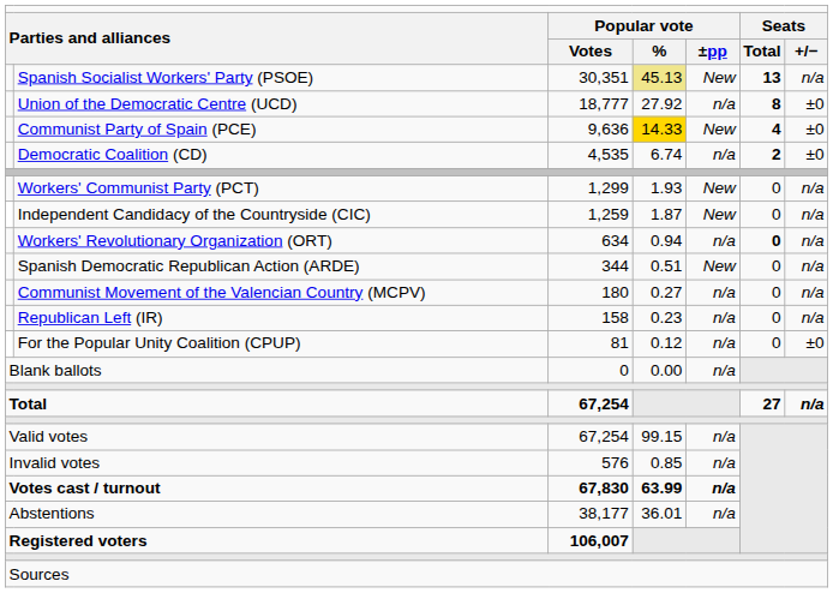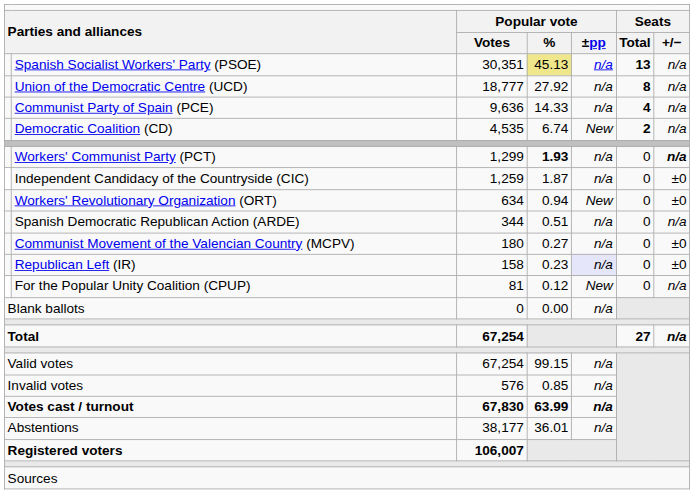 <table class="wikitable" style="text-align:right;">
 <tr>
 <td colspan="7"></td>
 </tr>
 <tr>
 <th style="text-align:left;" rowspan="2" colspan="2" width="525">Parties and alliances</th>
 <th colspan="3">Popular vote</th>
 <th colspan="2">Seats</th>
 </tr>
 <tr>
 <th width="75">Votes</th>
 <th width="45">%</th>
 <th width="45">±<a href='#'>pp</a></th>
 <th width="35">Total</th>
 <th width="35">+/−</th>
 </tr>
 <tr>
 <td width="1" style="color:inherit;background:"></td>
 <td align="left"><a href='#'>Spanish Socialist Workers' Party</a> (PSOE)</td>
 <td>30,351</td>
 <td style="background: khaki;">45.13</td>
-<td><em>New</em></td>
+<td><em><a href='#'>n/a</a></em></td>
 <td><strong>13</strong></td>
 <td><em>n/a</em></td>
 </tr>
 <tr>
 <td style="color:inherit;background:"></td>
 <td align="left"><a href='#'>Union of the Democratic Centre</a> (UCD)</td>
 <td>18,777</td>
 <td>27.92</td>
 <td><em>n/a</em></td>
 <td><strong>8</strong></td>
-<td>±0</td>
+<td><em>n/a</em></td>
 </tr>
 <tr>
 <td style="color:inherit;background:"></td>
 <td align="left"><a href='#'>Communist Party of Spain</a> (PCE)</td>
 <td>9,636</td>
-<td style="background: gold;">14.33</td>
-<td><em>New</em></td>
+<td>14.33</td>
+<td><em>n/a</em></td>
 <td><strong>4</strong></td>
-<td>±0</td>
+<td><em>n/a</em></td>
 </tr>
 <tr>
 <td style="color:inherit;background:"></td>
 <td align="left"><a href='#'>Democratic Coalition</a> (CD)</td>
 <td>4,535</td>
 <td>6.74</td>
+<td><em>New</em></td>
+<td><strong>2</strong></td>
 <td><em>n/a</em></td>
-<td><strong>2</strong></td>
-<td>±0</td>
 </tr>
 <tr>
 <td colspan="7" bgcolor="#C0C0C0"></td>
 </tr>
 <tr>
 <td style="color:inherit;background:"></td>
 <td align="left"><a href='#'>Workers' Communist Party</a> (PCT)</td>
 <td>1,299</td>
-<td>1.93</td>
-<td><em>New</em></td>
+<td><strong>1.93</strong></td>
+<td><em>n/a</em></td>
 <td>0</td>
-<td><em>n/a</em></td>
+<td><strong><em>n/a</em></strong></td>
 </tr>
 <tr>
 <td bgcolor="white"></td>
 <td align="left">Independent Candidacy of the Countryside (CIC)</td>
 <td>1,259</td>
 <td>1.87</td>
-<td><em>New</em></td>
+<td><em>n/a</em></td>
 <td>0</td>
-<td><em>n/a</em></td>
+<td>±0</td>
 </tr>
 <tr>
 <td style="color:inherit;background:"></td>
 <td align="left"><a href='#'>Workers' Revolutionary Organization</a> (ORT)</td>
 <td>634</td>
 <td>0.94</td>
-<td><em>n/a</em></td>
-<td><strong>0</strong></td>
-<td><em>n/a</em></td>
+<td><em>New</em></td>
+<td>0</td>
+<td>±0</td>
 </tr>
 <tr>
 <td style="color:inherit;background:"></td>
 <td align="left">Spanish Democratic Republican Action (ARDE)</td>
 <td>344</td>
 <td>0.51</td>
-<td><em>New</em></td>
+<td><em>n/a</em></td>
 <td>0</td>
 <td><em>n/a</em></td>
 </tr>
 <tr>
 <td style="color:inherit;background:"></td>
 <td align="left"><a href='#'>Communist Movement of the Valencian Country</a> (MCPV)</td>
 <td>180</td>
 <td>0.27</td>
 <td><em>n/a</em></td>
 <td>0</td>
-<td><em>n/a</em></td>
+<td>±0</td>
 </tr>
 <tr>
 <td style="color:inherit;background:"></td>
 <td align="left"><a href='#'>Republican Left</a> (IR)</td>
 <td>158</td>
 <td>0.23</td>
-<td><em>n/a</em></td>
+<td style="background: lavender;"><em>n/a</em></td>
 <td>0</td>
-<td><em>n/a</em></td>
+<td>±0</td>
 </tr>
 <tr>
 <td bgcolor="white"></td>
 <td align="left">For the Popular Unity Coalition (CPUP)</td>
 <td>81</td>
 <td>0.12</td>
+<td><em>New</em></td>
+<td>0</td>
 <td><em>n/a</em></td>
-<td>0</td>
-<td>±0</td>
 </tr>
 <tr>
 <td align="left" colspan="2">Blank ballots</td>
 <td>0</td>
 <td>0.00</td>
 <td><em>n/a</em></td>
 <td bgcolor="#E9E9E9" colspan="2"></td>
 </tr>
 <tr>
 <td colspan="7" bgcolor="#E9E9E9"></td>
 </tr>
 <tr style="font-weight:bold;">
 <td align="left" colspan="2">Total</td>
 <td>67,254</td>
 <td bgcolor="#E9E9E9" colspan="2"></td>
 <td>27</td>
 <td><em>n/a</em></td>
 </tr>
 <tr>
 <td colspan="7" bgcolor="#E9E9E9"></td>
 </tr>
 <tr>
 <td align="left" colspan="2">Valid votes</td>
 <td>67,254</td>
 <td>99.15</td>
 <td><em>n/a</em></td>
 <td bgcolor="#E9E9E9" colspan="2" rowspan="5"></td>
 </tr>
 <tr>
 <td align="left" colspan="2">Invalid votes</td>
 <td>576</td>
 <td>0.85</td>
 <td><em>n/a</em></td>
 </tr>
 <tr style="font-weight:bold;">
 <td align="left" colspan="2">Votes cast / turnout</td>
 <td>67,830</td>
 <td>63.99</td>
 <td><em>n/a</em></td>
 </tr>
 <tr>
 <td align="left" colspan="2">Abstentions</td>
 <td>38,177</td>
 <td>36.01</td>
 <td><em>n/a</em></td>
 </tr>
 <tr style="font-weight:bold;">
 <td align="left" colspan="2">Registered voters</td>
 <td>106,007</td>
 <td bgcolor="#E9E9E9" colspan="2"></td>
 </tr>
 <tr>
 <td colspan="7" bgcolor="#E9E9E9"></td>
 </tr>
 <tr>
 <td align="left" colspan="7">Sources</td>
 </tr>
 </table>
